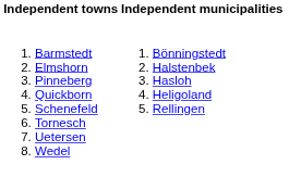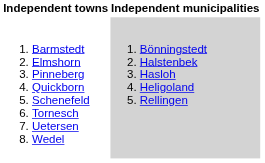 <table>
 <tr ---->
 <th>Independent towns</th>
 <th>Independent municipalities</th>
 </tr>
 <tr>
 <td valign=top><br><ol><li><a href='#'>Barmstedt</a></li><li><a href='#'>Elmshorn</a></li><li><a href='#'>Pinneberg</a></li><li><a href='#'>Quickborn</a></li><li><a href='#'>Schenefeld</a></li><li><a href='#'>Tornesch</a></li><li><a href='#'>Uetersen</a></li><li><a href='#'>Wedel</a></li></ol></td>
-<td valign=top><br><ol><li><a href='#'>Bönningstedt</a></li><li><a href='#'>Halstenbek</a></li><li><a href='#'>Hasloh</a></li><li><a href='#'>Heligoland</a></li><li><a href='#'>Rellingen</a></li></ol></td>
+<td valign=top style="background: lightgrey;"><br><ol><li><a href='#'>Bönningstedt</a></li><li><a href='#'>Halstenbek</a></li><li><a href='#'>Hasloh</a></li><li><a href='#'>Heligoland</a></li><li><a href='#'>Rellingen</a></li></ol></td>
 </tr>
 </table>
